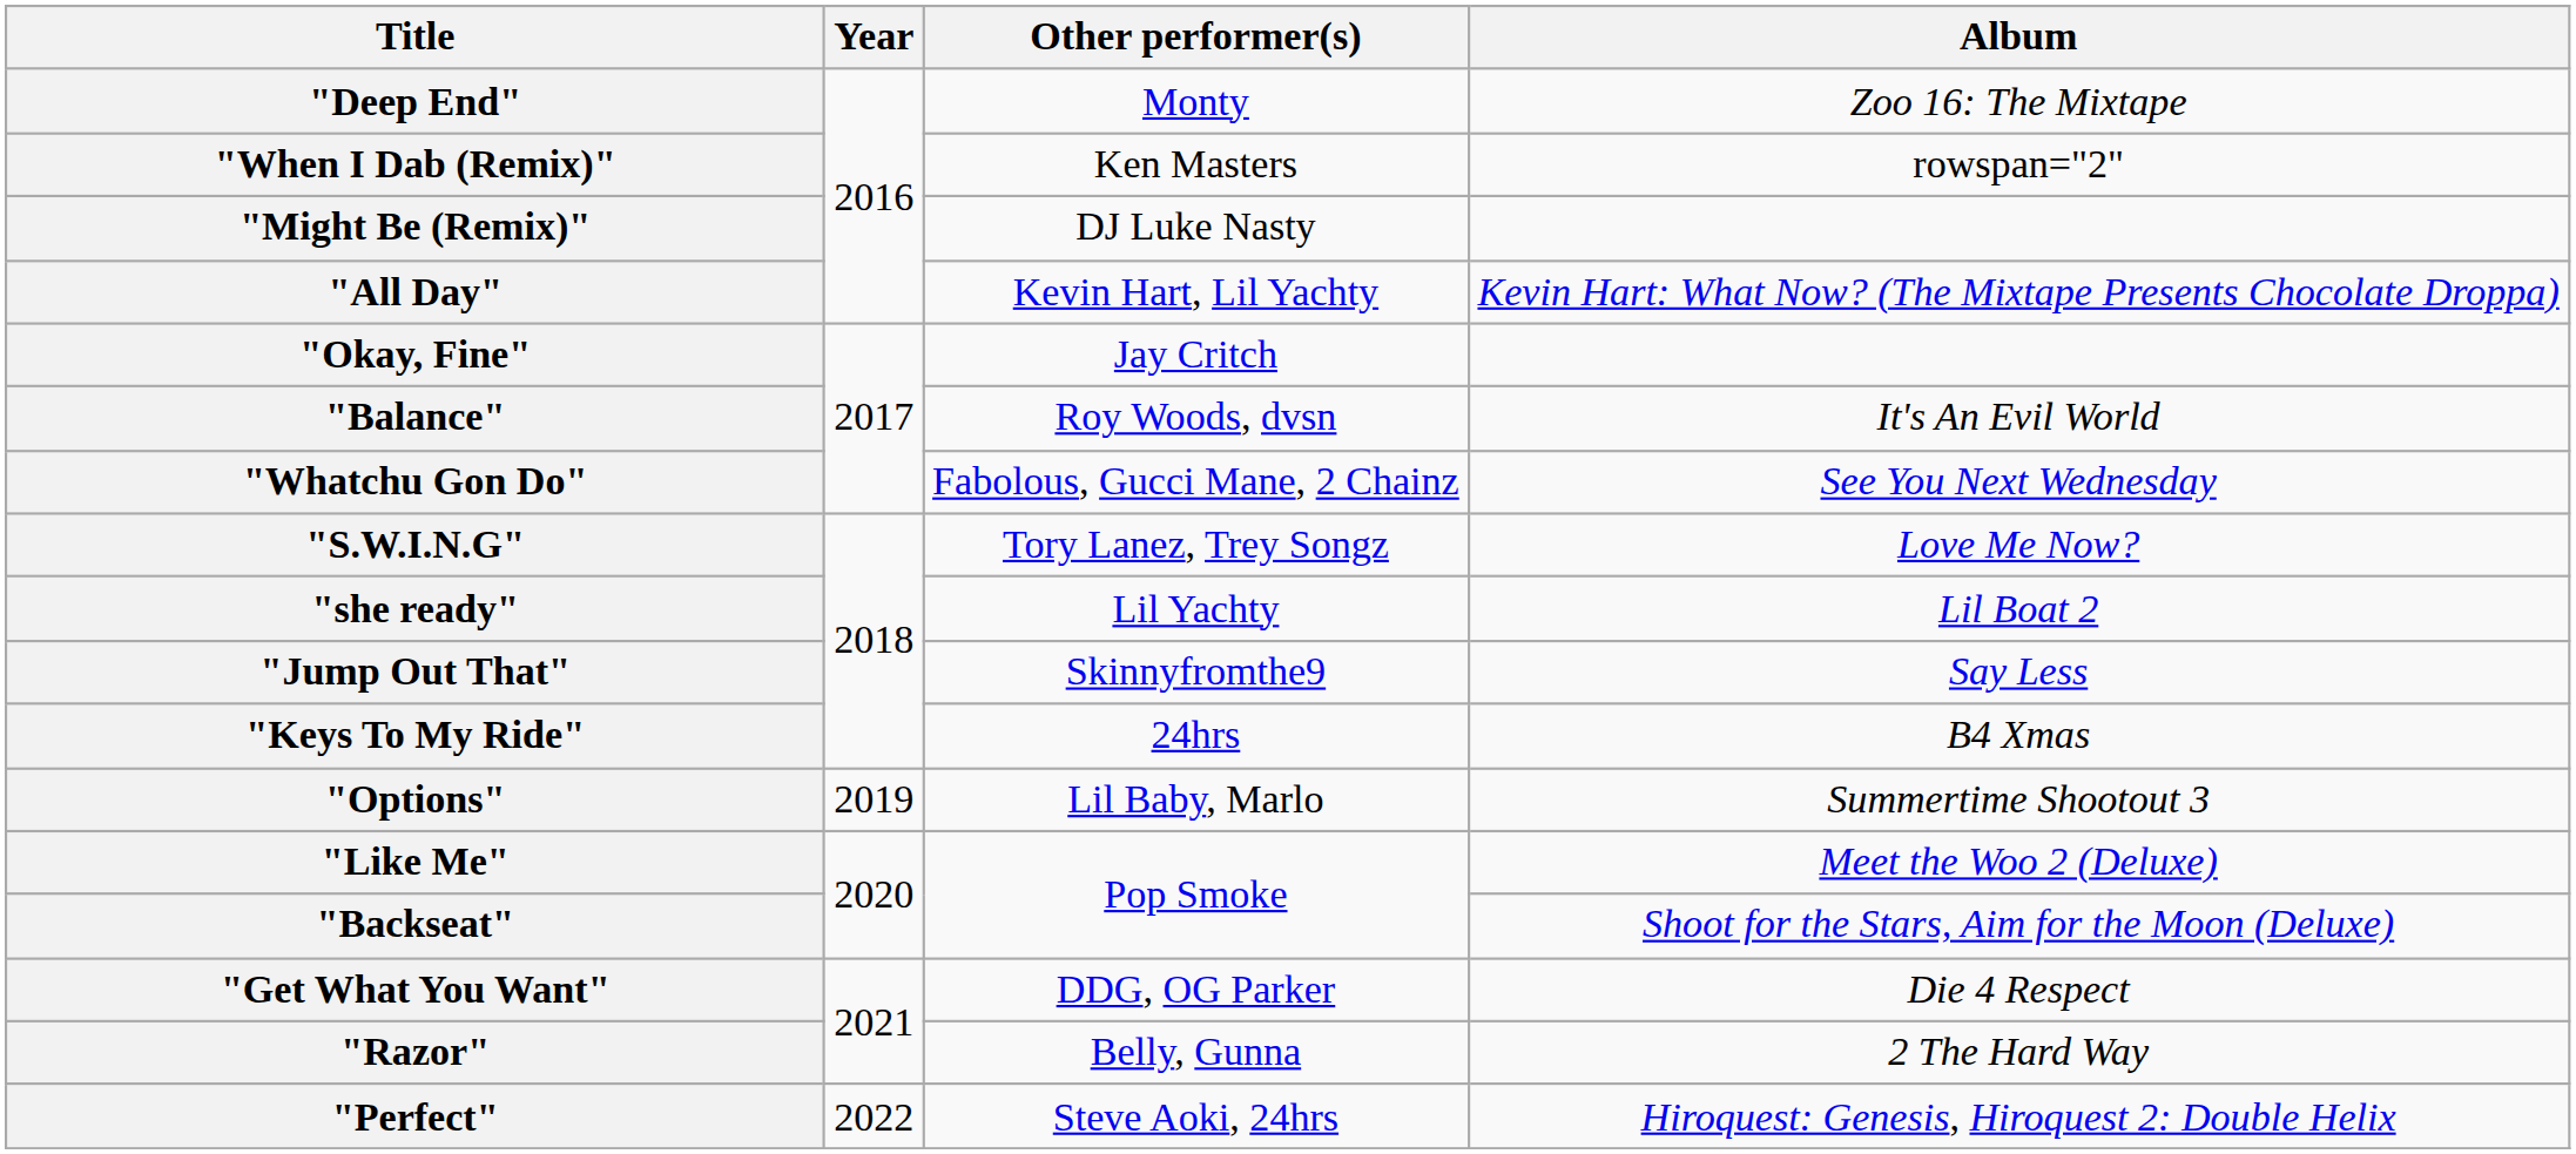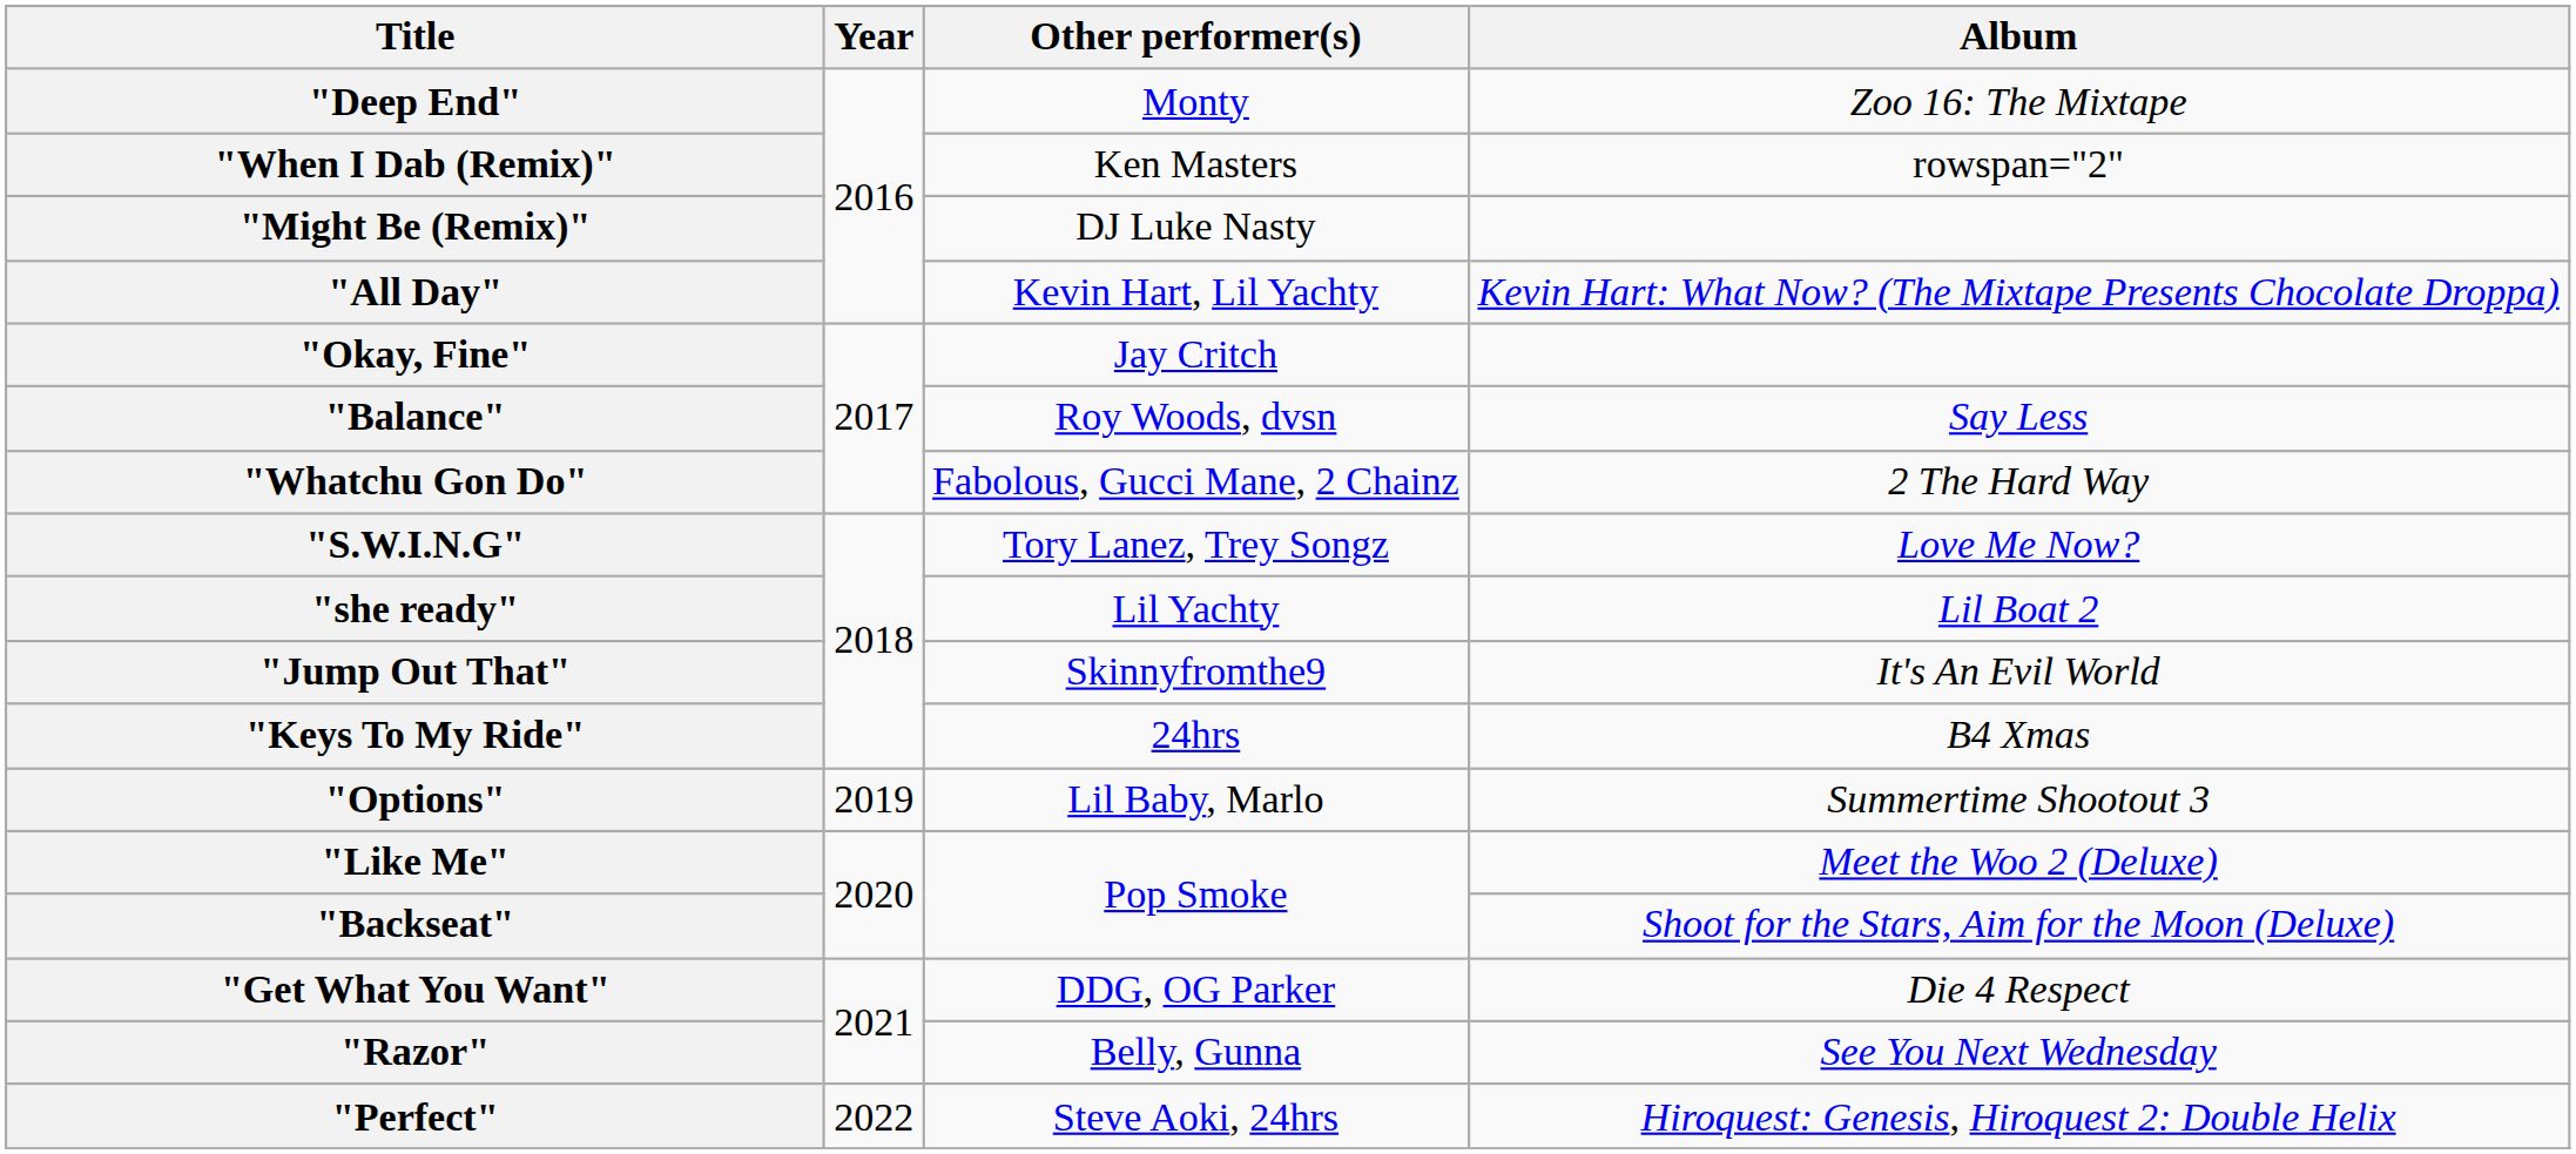 <table class="wikitable plainrowheaders" style="text-align:center;">
 <tr>
 <th scope="col" style="width:20em;">Title</th>
 <th scope="col">Year</th>
 <th scope="col">Other performer(s)</th>
 <th scope="col">Album</th>
 </tr>
 <tr>
 <th scope="row">"Deep End"</th>
 <td rowspan="4">2016</td>
 <td><a href='#'>Monty</a></td>
 <td><em>Zoo 16: The Mixtape</em></td>
 </tr>
 <tr>
 <th scope="row">"When I Dab (Remix)"</th>
 <td>Ken Masters</td>
 <td>rowspan="2" </td>
 </tr>
 <tr>
 <th scope="row">"Might Be (Remix)"</th>
 <td>DJ Luke Nasty</td>
 </tr>
 <tr>
 <th scope="row">"All Day"</th>
 <td><a href='#'>Kevin Hart</a>, <a href='#'>Lil Yachty</a></td>
 <td><em><a href='#'>Kevin Hart: What Now? (The Mixtape Presents Chocolate Droppa)</a></em></td>
 </tr>
 <tr>
 <th scope="row">"Okay, Fine"</th>
 <td rowspan="3">2017</td>
 <td><a href='#'>Jay Critch</a></td>
 <td></td>
 </tr>
 <tr>
 <th scope="row">"Balance"</th>
 <td><a href='#'>Roy Woods</a>, <a href='#'>dvsn</a></td>
-<td><em>It's An Evil World</em></td>
+<td><em><a href='#'>Say Less</a></em></td>
 </tr>
 <tr>
 <th scope="row">"Whatchu Gon Do"</th>
 <td><a href='#'>Fabolous</a>, <a href='#'>Gucci Mane</a>, <a href='#'>2 Chainz</a></td>
-<td><em><a href='#'>See You Next Wednesday</a></em></td>
+<td><em>2 The Hard Way</em></td>
 </tr>
 <tr>
 <th scope="row">"S.W.I.N.G"</th>
 <td rowspan="4">2018</td>
 <td><a href='#'>Tory Lanez</a>, <a href='#'>Trey Songz</a></td>
 <td><em><a href='#'>Love Me Now?</a></em></td>
 </tr>
 <tr>
 <th scope="row">"she ready"</th>
 <td><a href='#'>Lil Yachty</a></td>
 <td><em><a href='#'>Lil Boat 2</a></em></td>
 </tr>
 <tr>
 <th scope="row">"Jump Out That"</th>
 <td><a href='#'>Skinnyfromthe9</a></td>
-<td><em><a href='#'>Say Less</a></em></td>
+<td><em>It's An Evil World</em></td>
 </tr>
 <tr>
 <th scope="row">"Keys To My Ride"</th>
 <td><a href='#'>24hrs</a></td>
 <td><em>B4 Xmas</em></td>
 </tr>
 <tr>
 <th scope="row">"Options"</th>
 <td>2019</td>
 <td><a href='#'>Lil Baby</a>, Marlo</td>
 <td><em>Summertime Shootout 3</em></td>
 </tr>
 <tr>
 <th scope="row">"Like Me"</th>
 <td rowspan="2">2020</td>
 <td rowspan="2"><a href='#'>Pop Smoke</a></td>
 <td><em><a href='#'>Meet the Woo 2 (Deluxe)</a></em></td>
 </tr>
 <tr>
 <th scope="row">"Backseat"</th>
 <td><em><a href='#'>Shoot for the Stars, Aim for the Moon (Deluxe)</a></em></td>
 </tr>
 <tr>
 <th scope="row">"Get What You Want"</th>
 <td rowspan="2">2021</td>
 <td><a href='#'>DDG</a>, <a href='#'>OG Parker</a></td>
 <td><em>Die 4 Respect</em></td>
 </tr>
 <tr>
 <th scope="row">"Razor"</th>
 <td><a href='#'>Belly</a>, <a href='#'>Gunna</a></td>
-<td><em>2 The Hard Way</em></td>
+<td><em><a href='#'>See You Next Wednesday</a></em></td>
 </tr>
 <tr>
 <th scope="row">"Perfect"</th>
 <td>2022</td>
 <td><a href='#'>Steve Aoki</a>, <a href='#'>24hrs</a></td>
 <td><em><a href='#'>Hiroquest: Genesis</a></em>, <em><a href='#'>Hiroquest 2: Double Helix</a></em></td>
 </tr>
 <tr>
 </tr>
 </table>
